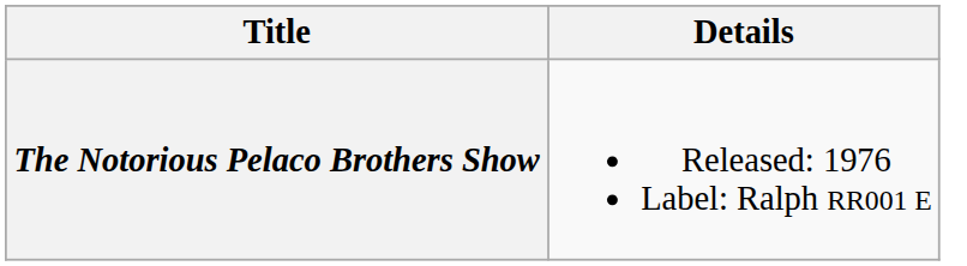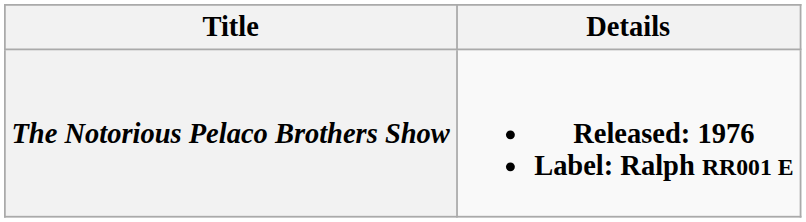 <table class="wikitable plainrowheaders" style="text-align:center;">
 <tr>
 <th>Title</th>
 <th>Details</th>
 </tr>
 <tr>
 <th scope="row"><em>The Notorious Pelaco Brothers Show</em></th>
-<td><br><ul><li>Released: 1976</li><li>Label: Ralph <small>RR001 E</small></li></ul></td>
+<td><strong><br><ul><li>Released: 1976</li><li>Label: Ralph <small>RR001 E</small></li></ul></strong></td>
 </tr>
 </table>
